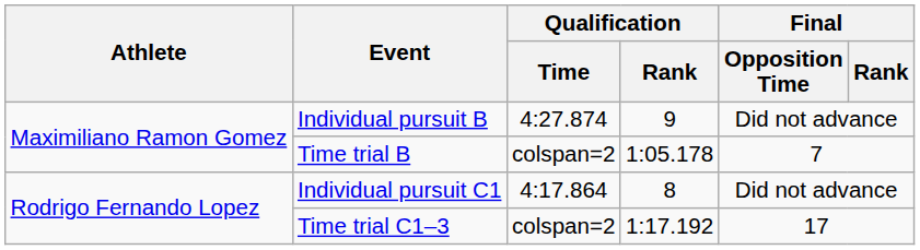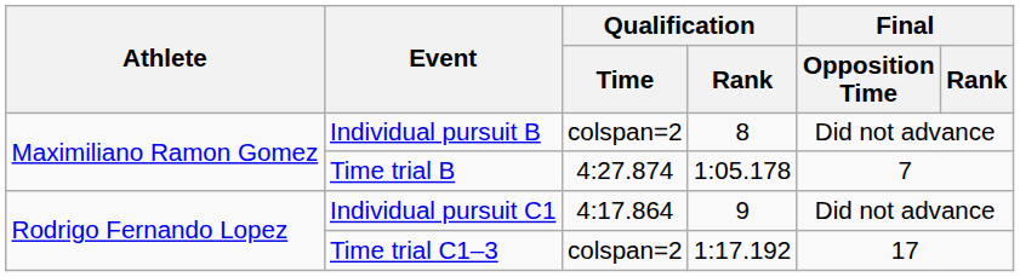 <table class=wikitable style="font-size:90%">
 <tr>
 <th rowspan="2">Athlete</th>
 <th rowspan="2">Event</th>
 <th colspan="2">Qualification</th>
 <th colspan="2">Final</th>
 </tr>
 <tr>
 <th>Time</th>
 <th>Rank</th>
 <th>Opposition<br>Time</th>
 <th>Rank</th>
 </tr>
 <tr align=center>
 <td align=left rowspan=2><a href='#'>Maximiliano Ramon Gomez</a></td>
 <td align=left><a href='#'>Individual pursuit B</a></td>
-<td>4:27.874</td>
-<td>9</td>
+<td>colspan=2</td>
+<td>8</td>
 <td colspan="2">Did not advance</td>
 </tr>
 <tr align=center>
 <td align=left><a href='#'>Time trial B</a></td>
-<td>colspan=2</td>
+<td>4:27.874</td>
 <td>1:05.178</td>
 <td colspan="2">7</td>
 </tr>
 <tr align=center>
 <td align=left rowspan=2><a href='#'>Rodrigo Fernando Lopez</a></td>
 <td align=left><a href='#'>Individual pursuit C1</a></td>
 <td>4:17.864</td>
-<td>8</td>
+<td>9</td>
 <td colspan="2">Did not advance</td>
 </tr>
 <tr align=center>
 <td align=left><a href='#'>Time trial C1–3</a></td>
 <td>colspan=2</td>
 <td>1:17.192</td>
 <td colspan="2">17</td>
 </tr>
 </table>
